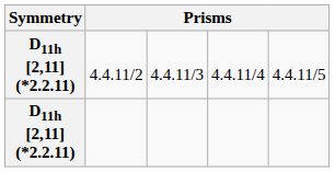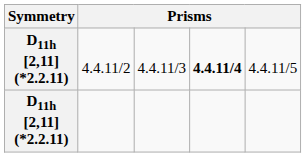 <table class=wikitable>
 <tr>
 <th>Symmetry</th>
 <th colspan=4>Prisms</th>
 </tr>
 <tr>
 <th align=center>D<sub>11h</sub><br>[2,11]<br>(*2.2.11)</th>
 <td><br>4.4.11/2<br></td>
 <td><br>4.4.11/3<br></td>
-<td><br>4.4.11/4<br></td>
+<td><strong><br>4.4.11/4<br></strong></td>
 <td><br>4.4.11/5<br></td>
 </tr>
 <tr valign=top align=center>
 <th>D<sub>11h</sub><br>[2,11]<br>(*2.2.11)</th>
 <td><br></td>
 <td><br></td>
 <td><br></td>
 <td><br></td>
 </tr>
 </table>
